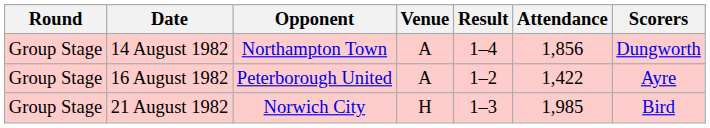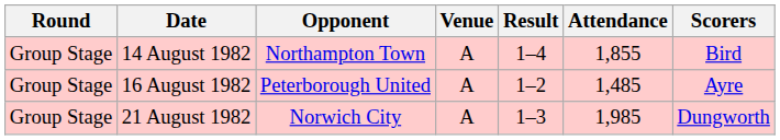 <table class="wikitable" style="font-size:100%; text-align:center">
 <tr>
 <th>Round</th>
 <th>Date</th>
 <th>Opponent</th>
 <th>Venue</th>
 <th>Result</th>
 <th>Attendance</th>
 <th>Scorers</th>
 </tr>
 <tr style="background-color: #FFCCCC;">
 <td>Group Stage</td>
 <td>14 August 1982</td>
 <td><a href='#'>Northampton Town</a></td>
 <td>A</td>
 <td>1–4</td>
-<td>1,856</td>
-<td><a href='#'>Dungworth</a></td>
+<td>1,855</td>
+<td><a href='#'>Bird</a></td>
 </tr>
 <tr style="background-color: #FFCCCC;">
 <td>Group Stage</td>
 <td>16 August 1982</td>
 <td><a href='#'>Peterborough United</a></td>
 <td>A</td>
 <td>1–2</td>
-<td>1,422</td>
+<td>1,485</td>
 <td><a href='#'>Ayre</a></td>
 </tr>
 <tr style="background-color: #FFCCCC;">
 <td>Group Stage</td>
 <td>21 August 1982</td>
 <td><a href='#'>Norwich City</a></td>
-<td>H</td>
+<td>A</td>
 <td>1–3</td>
 <td>1,985</td>
-<td><a href='#'>Bird</a></td>
+<td><a href='#'>Dungworth</a></td>
 </tr>
 </table>
